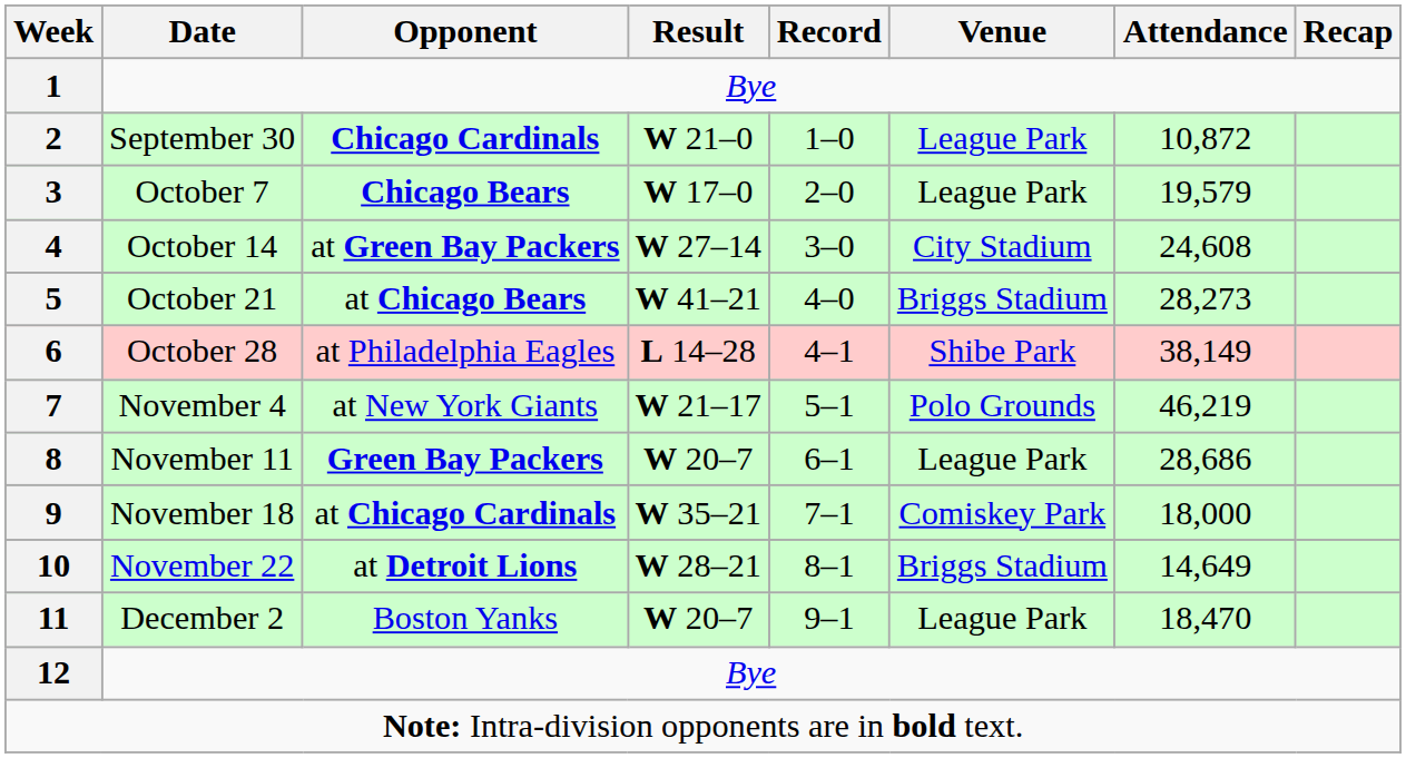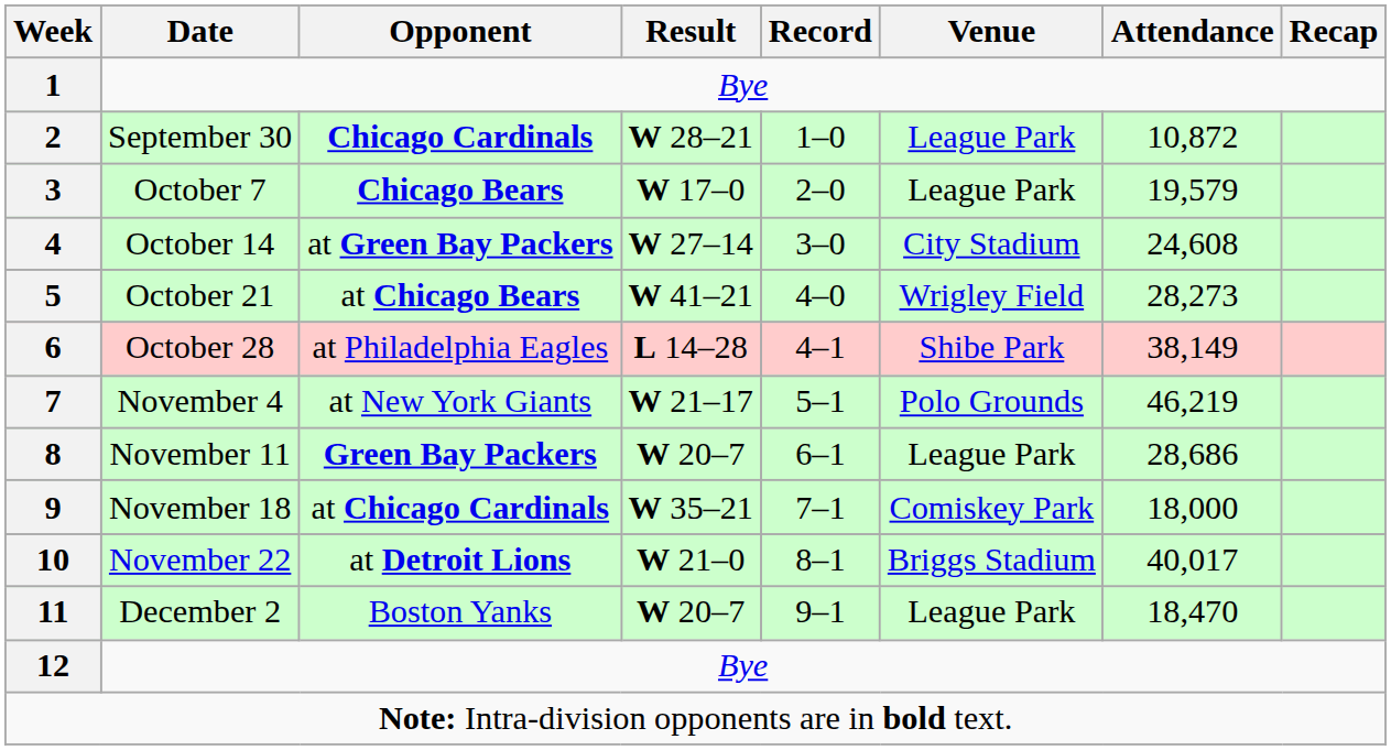 <table class="wikitable" style="text-align:center">
 <tr>
 <th>Week</th>
 <th>Date</th>
 <th>Opponent</th>
 <th>Result</th>
 <th>Record</th>
 <th>Venue</th>
 <th>Attendance</th>
 <th>Recap</th>
 </tr>
 <tr>
 <th>1</th>
 <td colspan="7"><em><a href='#'>Bye</a></em></td>
 </tr>
 <tr style="background:#cfc">
 <th>2</th>
 <td>September 30</td>
 <td><strong><a href='#'>Chicago Cardinals</a></strong></td>
-<td><strong>W</strong> 21–0</td>
+<td><strong>W</strong> 28–21</td>
 <td>1–0</td>
 <td><a href='#'>League Park</a></td>
 <td>10,872</td>
 <td></td>
 </tr>
 <tr style="background:#cfc">
 <th>3</th>
 <td>October 7</td>
 <td><strong><a href='#'>Chicago Bears</a></strong></td>
 <td><strong>W</strong> 17–0</td>
 <td>2–0</td>
 <td>League Park</td>
 <td>19,579</td>
 <td></td>
 </tr>
 <tr style="background:#cfc">
 <th>4</th>
 <td>October 14</td>
 <td>at <strong><a href='#'>Green Bay Packers</a></strong></td>
 <td><strong>W</strong> 27–14</td>
 <td>3–0</td>
 <td><a href='#'>City Stadium</a></td>
 <td>24,608</td>
 <td></td>
 </tr>
 <tr style="background:#cfc">
 <th>5</th>
 <td>October 21</td>
 <td>at <strong><a href='#'>Chicago Bears</a></strong></td>
 <td><strong>W</strong> 41–21</td>
 <td>4–0</td>
-<td><a href='#'>Briggs Stadium</a></td>
+<td><a href='#'>Wrigley Field</a></td>
 <td>28,273</td>
 <td></td>
 </tr>
 <tr style="background:#fcc">
 <th>6</th>
 <td>October 28</td>
 <td>at <a href='#'>Philadelphia Eagles</a></td>
 <td><strong>L</strong> 14–28</td>
 <td>4–1</td>
 <td><a href='#'>Shibe Park</a></td>
 <td>38,149</td>
 <td></td>
 </tr>
 <tr style="background:#cfc">
 <th>7</th>
 <td>November 4</td>
 <td>at <a href='#'>New York Giants</a></td>
 <td><strong>W</strong> 21–17</td>
 <td>5–1</td>
 <td><a href='#'>Polo Grounds</a></td>
 <td>46,219</td>
 <td></td>
 </tr>
 <tr style="background:#cfc">
 <th>8</th>
 <td>November 11</td>
 <td><strong><a href='#'>Green Bay Packers</a></strong></td>
 <td><strong>W</strong> 20–7</td>
 <td>6–1</td>
 <td>League Park</td>
 <td>28,686</td>
 <td></td>
 </tr>
 <tr style="background:#cfc">
 <th>9</th>
 <td>November 18</td>
 <td>at <strong><a href='#'>Chicago Cardinals</a></strong></td>
 <td><strong>W</strong> 35–21</td>
 <td>7–1</td>
 <td><a href='#'>Comiskey Park</a></td>
 <td>18,000</td>
 <td></td>
 </tr>
 <tr style="background:#cfc">
 <th>10</th>
 <td><a href='#'>November 22</a></td>
 <td>at <strong><a href='#'>Detroit Lions</a></strong></td>
-<td><strong>W</strong> 28–21</td>
+<td><strong>W</strong> 21–0</td>
 <td>8–1</td>
 <td><a href='#'>Briggs Stadium</a></td>
-<td>14,649</td>
+<td>40,017</td>
 <td></td>
 </tr>
 <tr style="background:#cfc">
 <th>11</th>
 <td>December 2</td>
 <td><a href='#'>Boston Yanks</a></td>
 <td><strong>W</strong> 20–7</td>
 <td>9–1</td>
 <td>League Park</td>
 <td>18,470</td>
 <td></td>
 </tr>
 <tr>
 <th>12</th>
 <td colspan="7"><em><a href='#'>Bye</a></em></td>
 </tr>
 <tr>
 <td colspan="8"><strong>Note:</strong> Intra-division opponents are in <strong>bold</strong> text.</td>
 </tr>
 </table>
